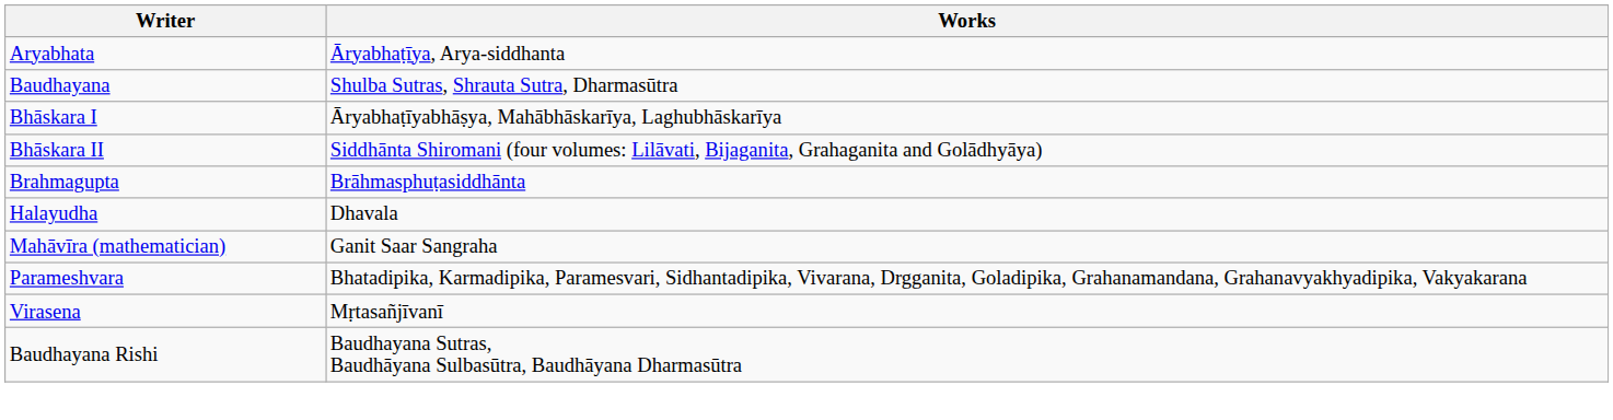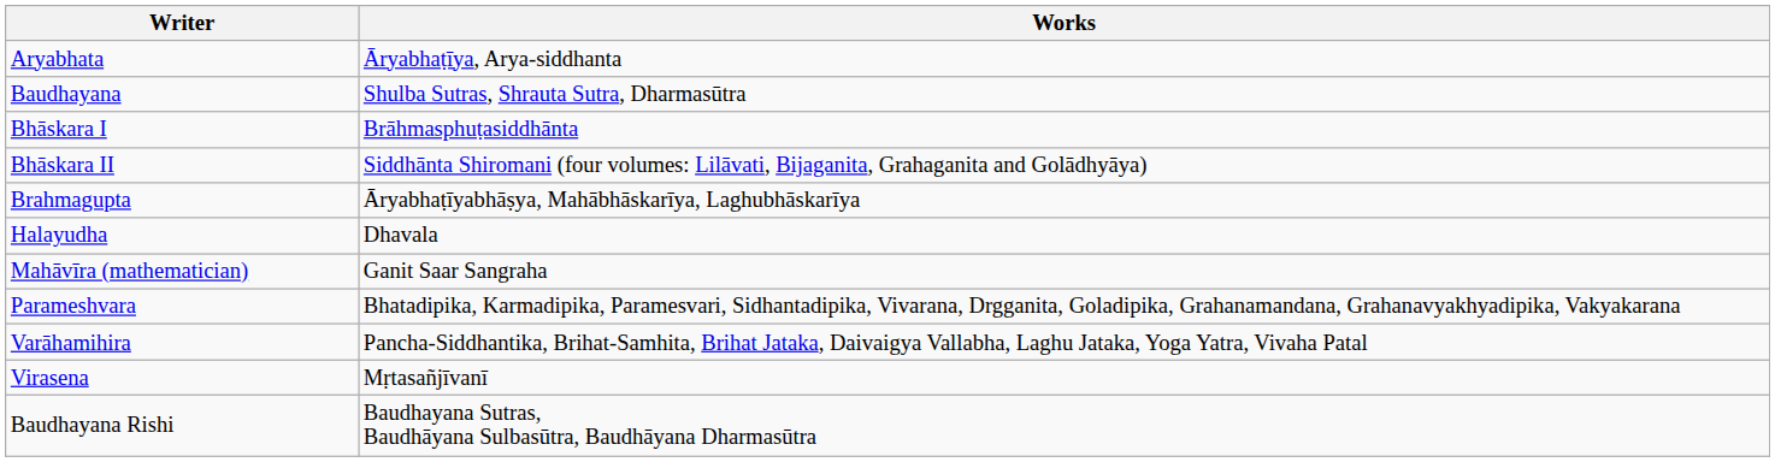 <table class="wikitable sortable" width=100%>
 <tr>
 <th width=20%>Writer</th>
 <th width=80%>Works</th>
 </tr>
 <tr>
 <td><a href='#'>Aryabhata</a></td>
 <td><a href='#'>Āryabhaṭīya</a>, Arya-siddhanta</td>
 </tr>
 <tr>
 <td><a href='#'>Baudhayana</a></td>
 <td><a href='#'>Shulba Sutras</a>, <a href='#'>Shrauta Sutra</a>, Dharmasūtra</td>
 </tr>
 <tr>
 <td><a href='#'>Bhāskara I</a></td>
-<td>Āryabhaṭīyabhāṣya, Mahābhāskarīya, Laghubhāskarīya</td>
+<td><a href='#'>Brāhmasphuṭasiddhānta</a></td>
 </tr>
 <tr>
 <td><a href='#'>Bhāskara II</a></td>
 <td><a href='#'>Siddhānta Shiromani</a> (four volumes: <a href='#'>Lilāvati</a>, <a href='#'>Bijaganita</a>, Grahaganita and Golādhyāya)</td>
 </tr>
 <tr>
 <td><a href='#'>Brahmagupta</a></td>
-<td><a href='#'>Brāhmasphuṭasiddhānta</a></td>
+<td>Āryabhaṭīyabhāṣya, Mahābhāskarīya, Laghubhāskarīya</td>
 </tr>
 <tr>
 <td><a href='#'>Halayudha</a></td>
 <td>Dhavala</td>
 </tr>
 <tr>
 <td><a href='#'>Mahāvīra (mathematician)</a></td>
 <td>Ganit Saar Sangraha</td>
 </tr>
 <tr>
 <td><a href='#'>Parameshvara</a></td>
 <td>Bhatadipika, Karmadipika, Paramesvari, Sidhantadipika, Vivarana, Drgganita, Goladipika, Grahanamandana, Grahanavyakhyadipika, Vakyakarana</td>
 </tr>
 <tr>
+<td><a href='#'>Varāhamihira</a></td>
+<td>Pancha-Siddhantika, Brihat-Samhita, <a href='#'>Brihat Jataka</a>, Daivaigya Vallabha, Laghu Jataka, Yoga Yatra, Vivaha Patal</td>
+</tr>
+<tr>
 <td><a href='#'>Virasena</a></td>
 <td>Mṛtasañjīvanī</td>
 </tr>
 <tr>
 <td>Baudhayana Rishi</td>
 <td>Baudhayana Sutras,<br>Baudhāyana Sulbasūtra, Baudhāyana Dharmasūtra</td>
 </tr>
 </table>
